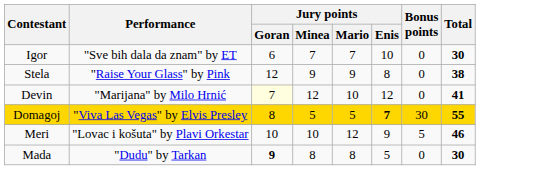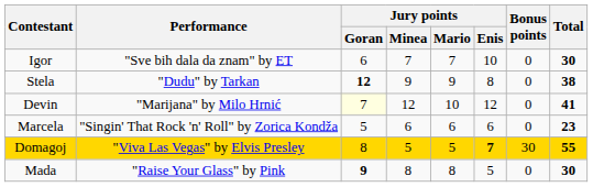 <table class="wikitable sortable" style="text-align: center;">
 <tr>
 <th rowspan="2">Contestant</th>
 <th rowspan="2">Performance</th>
 <th colspan="4">Jury points</th>
 <th rowspan="2">Bonus<br>points</th>
 <th rowspan="2">Total</th>
 </tr>
 <tr>
 <th>Goran</th>
 <th>Minea</th>
 <th>Mario</th>
 <th>Enis</th>
 </tr>
 <tr>
 <td>Igor</td>
 <td>"Sve bih dala da znam" by <a href='#'>ET</a></td>
 <td>6</td>
 <td>7</td>
 <td>7</td>
 <td>10</td>
 <td>0</td>
 <td><strong>30</strong></td>
 </tr>
 <tr>
 <td>Stela</td>
-<td>"<a href='#'>Raise Your Glass</a>" by <a href='#'>Pink</a></td>
-<td>12</td>
+<td>"<a href='#'>Dudu</a>" by <a href='#'>Tarkan</a></td>
+<td><strong>12</strong></td>
 <td>9</td>
 <td>9</td>
 <td>8</td>
 <td>0</td>
 <td><strong>38</strong></td>
 </tr>
 <tr>
 <td>Devin</td>
 <td>"Marijana" by <a href='#'>Milo Hrnić</a></td>
 <td style="background: lightyellow;">7</td>
 <td>12</td>
 <td>10</td>
 <td>12</td>
 <td>0</td>
 <td><strong>41</strong></td>
 </tr>
+<tr>
+<td>Marcela</td>
+<td>"Singin' That Rock 'n' Roll" by <a href='#'>Zorica Kondža</a></td>
+<td>5</td>
+<td>6</td>
+<td>6</td>
+<td>6</td>
+<td>0</td>
+<td><strong>23</strong></td>
+</tr>
 <tr style="background-color:gold;">
 <td>Domagoj</td>
 <td>"<a href='#'>Viva Las Vegas</a>" by <a href='#'>Elvis Presley</a></td>
 <td>8</td>
 <td>5</td>
 <td>5</td>
 <td><strong>7</strong></td>
 <td>30</td>
 <td><strong>55</strong></td>
 </tr>
 <tr>
-<td>Meri</td>
-<td>"Lovac i košuta" by <a href='#'>Plavi Orkestar</a></td>
-<td>10</td>
-<td>10</td>
-<td>12</td>
-<td>9</td>
-<td>5</td>
-<td><strong>46</strong></td>
-</tr>
-<tr>
 <td>Mada</td>
-<td>"<a href='#'>Dudu</a>" by <a href='#'>Tarkan</a></td>
+<td>"<a href='#'>Raise Your Glass</a>" by <a href='#'>Pink</a></td>
 <td><strong>9</strong></td>
 <td>8</td>
 <td>8</td>
 <td>5</td>
 <td>0</td>
 <td><strong>30</strong></td>
 </tr>
 </table>
